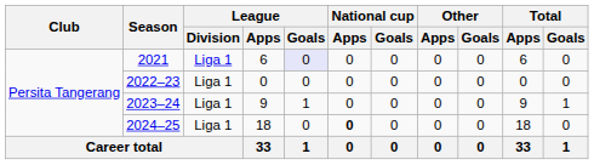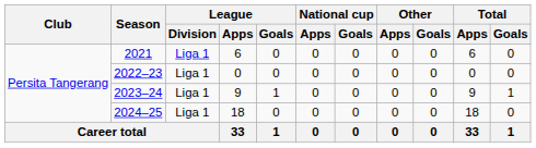 <table class="wikitable" style="text-align:center">
 <tr>
 <th rowspan="2">Club</th>
 <th rowspan="2">Season</th>
 <th colspan="3">League</th>
 <th colspan="2">National cup</th>
 <th colspan="2">Other</th>
 <th colspan="2">Total</th>
 </tr>
 <tr>
 <th>Division</th>
 <th>Apps</th>
 <th>Goals</th>
 <th>Apps</th>
 <th>Goals</th>
 <th>Apps</th>
 <th>Goals</th>
 <th>Apps</th>
 <th>Goals</th>
 </tr>
 <tr>
 <td rowspan="4"><a href='#'>Persita Tangerang</a></td>
 <td><a href='#'>2021</a></td>
 <td><a href='#'>Liga 1</a></td>
 <td>6</td>
-<td style="background: lavender;">0</td>
+<td>0</td>
 <td>0</td>
 <td>0</td>
 <td>0</td>
 <td>0</td>
 <td>6</td>
 <td>0</td>
 </tr>
 <tr>
 <td><a href='#'>2022–23</a></td>
 <td>Liga 1</td>
 <td>0</td>
 <td>0</td>
 <td>0</td>
 <td>0</td>
 <td>0</td>
 <td>0</td>
 <td>0</td>
 <td>0</td>
 </tr>
 <tr>
 <td><a href='#'>2023–24</a></td>
 <td>Liga 1</td>
 <td>9</td>
 <td>1</td>
 <td>0</td>
 <td>0</td>
 <td>0</td>
 <td>0</td>
 <td>9</td>
 <td>1</td>
 </tr>
 <tr>
 <td><a href='#'>2024–25</a></td>
 <td>Liga 1</td>
 <td>18</td>
 <td>0</td>
-<td><strong>0</strong></td>
+<td>0</td>
 <td>0</td>
 <td>0</td>
 <td>0</td>
 <td>18</td>
 <td>0</td>
 </tr>
 <tr>
 <th colspan="3">Career total</th>
 <th>33</th>
 <th>1</th>
 <th>0</th>
 <th>0</th>
 <th>0</th>
 <th>0</th>
 <th>33</th>
 <th>1</th>
 </tr>
 </table>
